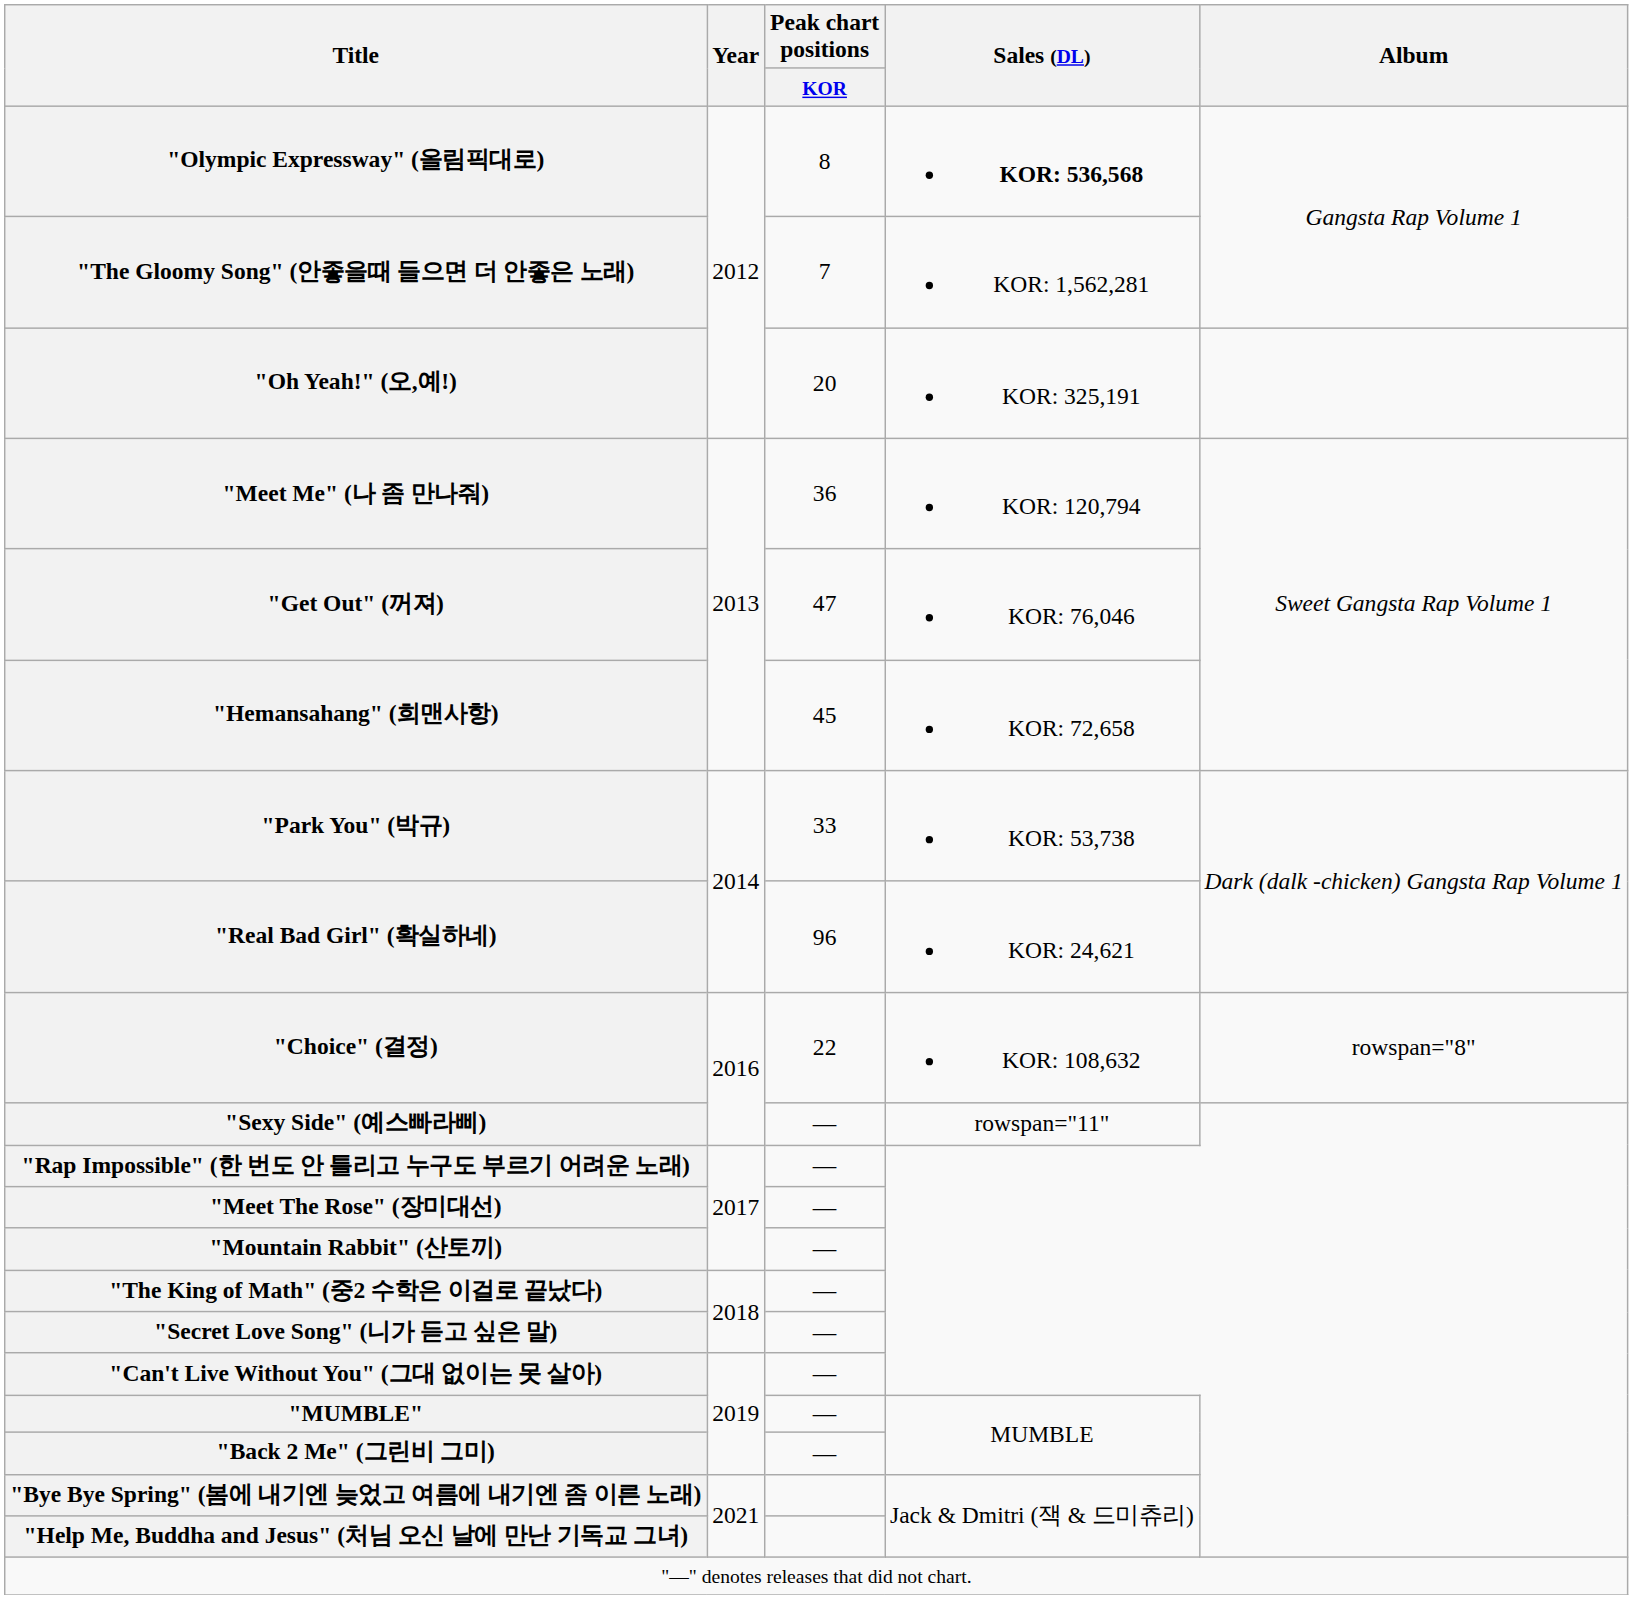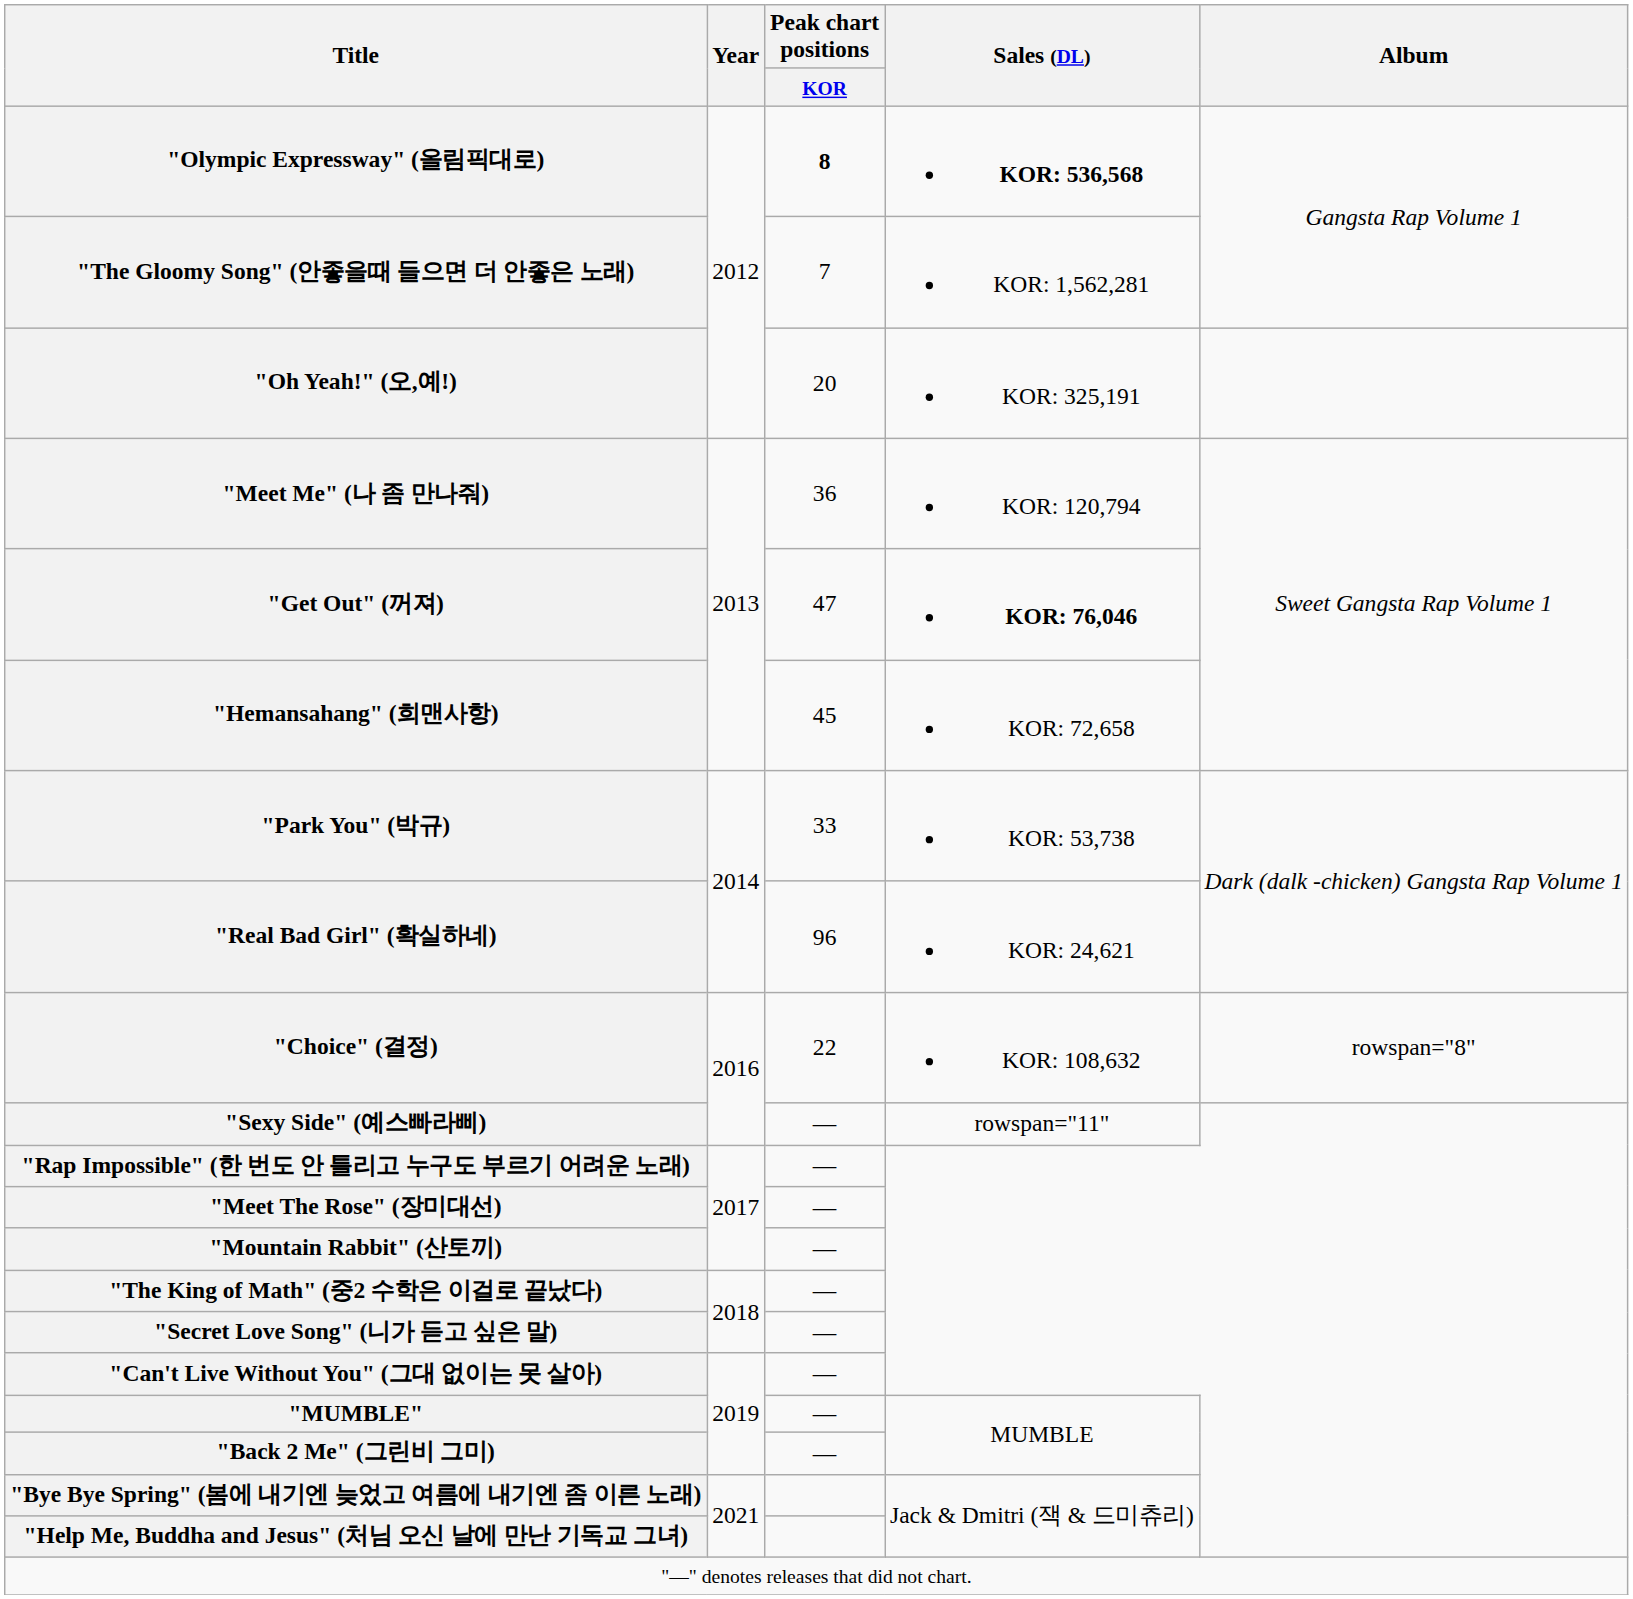 <table class="wikitable plainrowheaders" style="text-align:center;">
 <tr>
 <th scope="col" rowspan="2">Title</th>
 <th scope="col" rowspan="2">Year</th>
 <th scope="col" colspan="1">Peak chart <br> positions</th>
 <th scope="col" rowspan="2">Sales <small>(<a href='#'>DL</a>)</small></th>
 <th scope="col" rowspan="2">Album</th>
 </tr>
 <tr>
 <th><small><a href='#'>KOR</a></small><br></th>
 </tr>
 <tr>
 <th scope="row">"Olympic Expressway" (올림픽대로)</th>
 <td rowspan="3">2012</td>
-<td>8</td>
+<td><strong>8</strong></td>
 <td><strong><br><ul><li>KOR: 536,568</li></ul></strong></td>
 <td rowspan="2"><em>Gangsta Rap Volume 1</em></td>
 </tr>
 <tr>
 <th scope="row">"The Gloomy Song" (안좋을때 들으면 더 안좋은 노래)</th>
 <td>7</td>
 <td><br><ul><li>KOR: 1,562,281</li></ul></td>
 </tr>
 <tr>
 <th scope="row">"Oh Yeah!" (오,예!)</th>
 <td>20</td>
 <td><br><ul><li>KOR: 325,191</li></ul></td>
 <td></td>
 </tr>
 <tr>
 <th scope="row">"Meet Me" (나 좀 만나줘)</th>
 <td rowspan="3">2013</td>
 <td>36</td>
 <td><br><ul><li>KOR: 120,794</li></ul></td>
 <td rowspan="3"><em>Sweet Gangsta Rap Volume 1</em></td>
 </tr>
 <tr>
 <th scope="row">"Get Out" (꺼져)</th>
 <td>47</td>
-<td><br><ul><li>KOR: 76,046</li></ul></td>
+<td><strong><br><ul><li>KOR: 76,046</li></ul></strong></td>
 </tr>
 <tr>
 <th scope="row">"Hemansahang" (희맨사항)</th>
 <td>45</td>
 <td><br><ul><li>KOR: 72,658</li></ul></td>
 </tr>
 <tr>
 <th scope="row">"Park You" (박규)</th>
 <td rowspan="2">2014</td>
 <td>33</td>
 <td><br><ul><li>KOR: 53,738</li></ul></td>
 <td rowspan="2"><em>Dark (dalk -chicken) Gangsta Rap Volume 1</em></td>
 </tr>
 <tr>
 <th scope="row">"Real Bad Girl" (확실하네)</th>
 <td>96</td>
 <td><br><ul><li>KOR: 24,621</li></ul></td>
 </tr>
 <tr>
 <th scope="row">"Choice" (결정)<br></th>
 <td rowspan="2">2016</td>
 <td>22</td>
 <td><br><ul><li>KOR: 108,632</li></ul></td>
 <td>rowspan="8" </td>
 </tr>
 <tr>
 <th scope="row">"Sexy Side" (예스빠라삐)</th>
 <td>—</td>
 <td>rowspan="11" </td>
 </tr>
 <tr>
 <th scope="row">"Rap Impossible" (한 번도 안 틀리고 누구도 부르기 어려운 노래)</th>
 <td rowspan="3">2017</td>
 <td>—</td>
 </tr>
 <tr>
 <th scope="row">"Meet The Rose" (장미대선)<br></th>
 <td>—</td>
 </tr>
 <tr>
 <th scope="row">"Mountain Rabbit" (산토끼)<br></th>
 <td>—</td>
 </tr>
 <tr>
 <th scope="row">"The King of Math" (중2 수학은 이걸로 끝났다)</th>
 <td rowspan="2">2018</td>
 <td>—</td>
 </tr>
 <tr>
 <th scope="row">"Secret Love Song" (니가 듣고 싶은 말)</th>
 <td>—</td>
 </tr>
 <tr>
 <th scope="row">"Can't Live Without You" (그대 없이는 못 살아)<br></th>
 <td rowspan="3">2019</td>
 <td>—</td>
 </tr>
 <tr>
 <th scope="row">"MUMBLE"</th>
 <td>—</td>
 <td rowspan="2">MUMBLE</td>
 </tr>
 <tr>
 <th scope="row">"Back 2 Me" (그린비 그미)</th>
 <td>—</td>
 </tr>
 <tr>
 <th scope="row">"Bye Bye Spring" (봄에 내기엔 늦었고 여름에 내기엔 좀 이른 노래)</th>
 <td rowspan=2>2021</td>
 <td></td>
 <td rowspan="2">Jack & Dmitri (잭 & 드미츄리)</td>
 </tr>
 <tr>
 <th scope="row">"Help Me, Buddha and Jesus" (처님 오신 날에 만난 기독교 그녀)</th>
 <td></td>
 </tr>
 <tr>
 <td colspan="5"><small>"—" denotes releases that did not chart.</small></td>
 </tr>
 <tr>
 </tr>
 </table>
